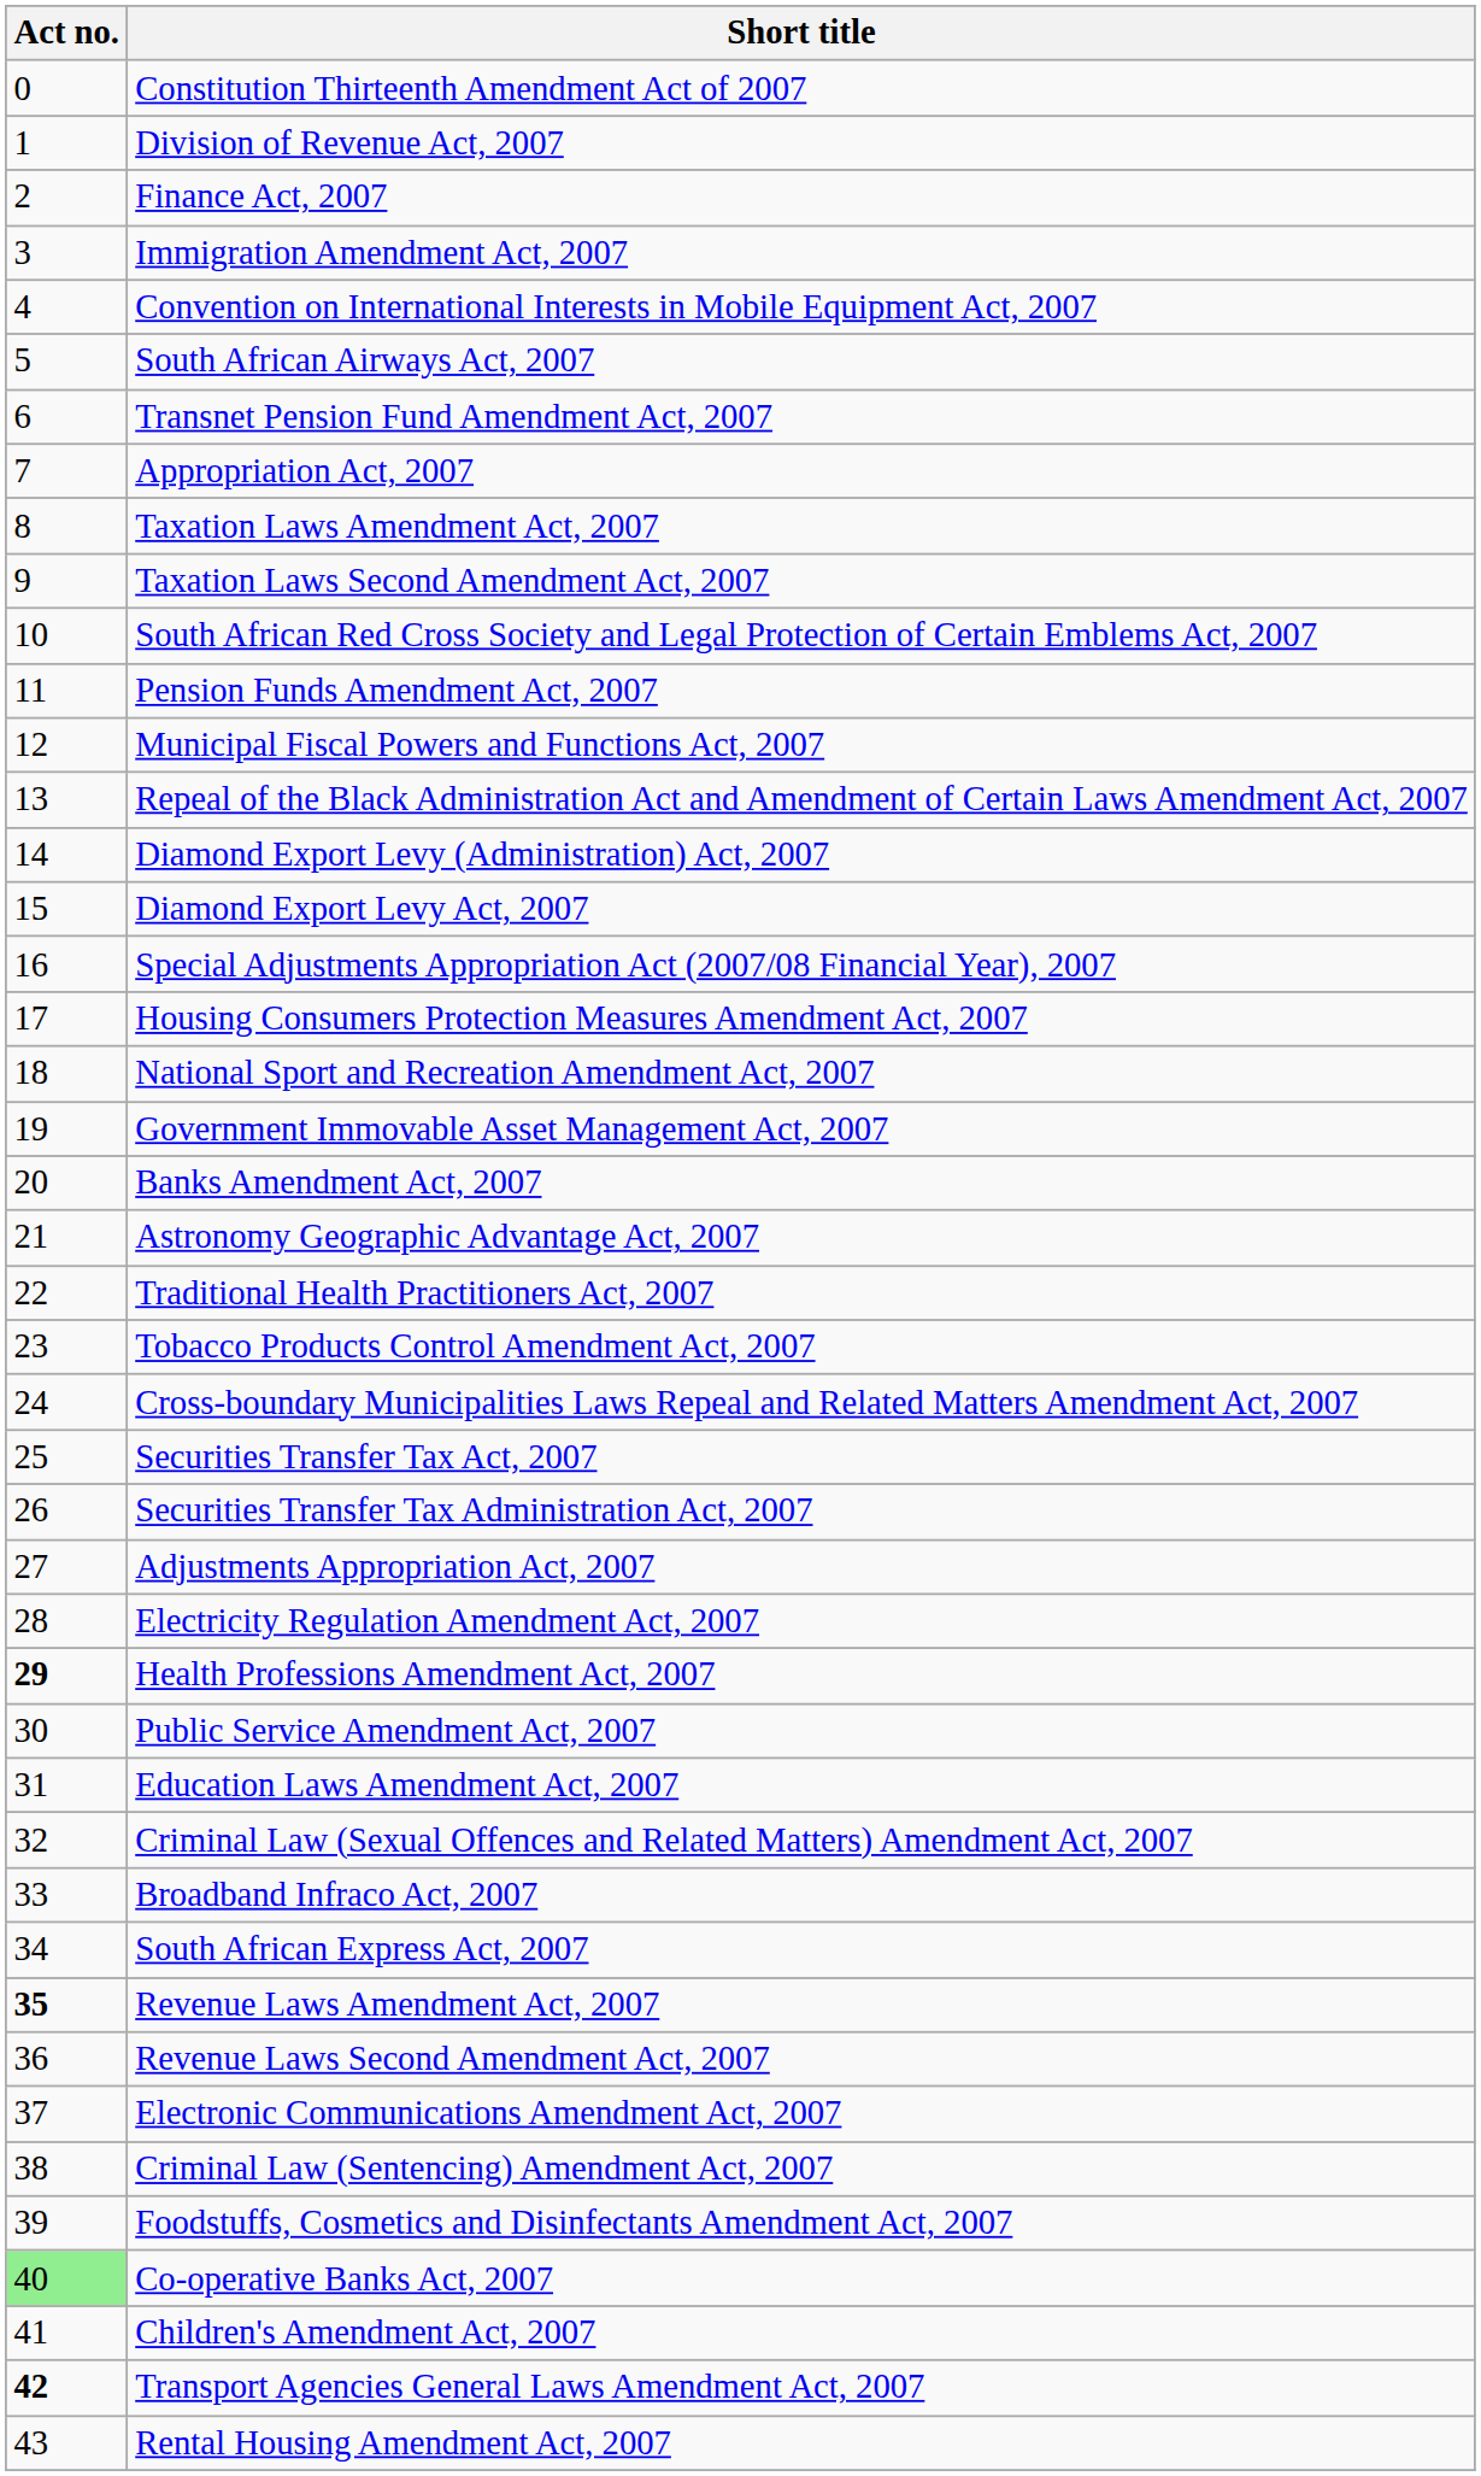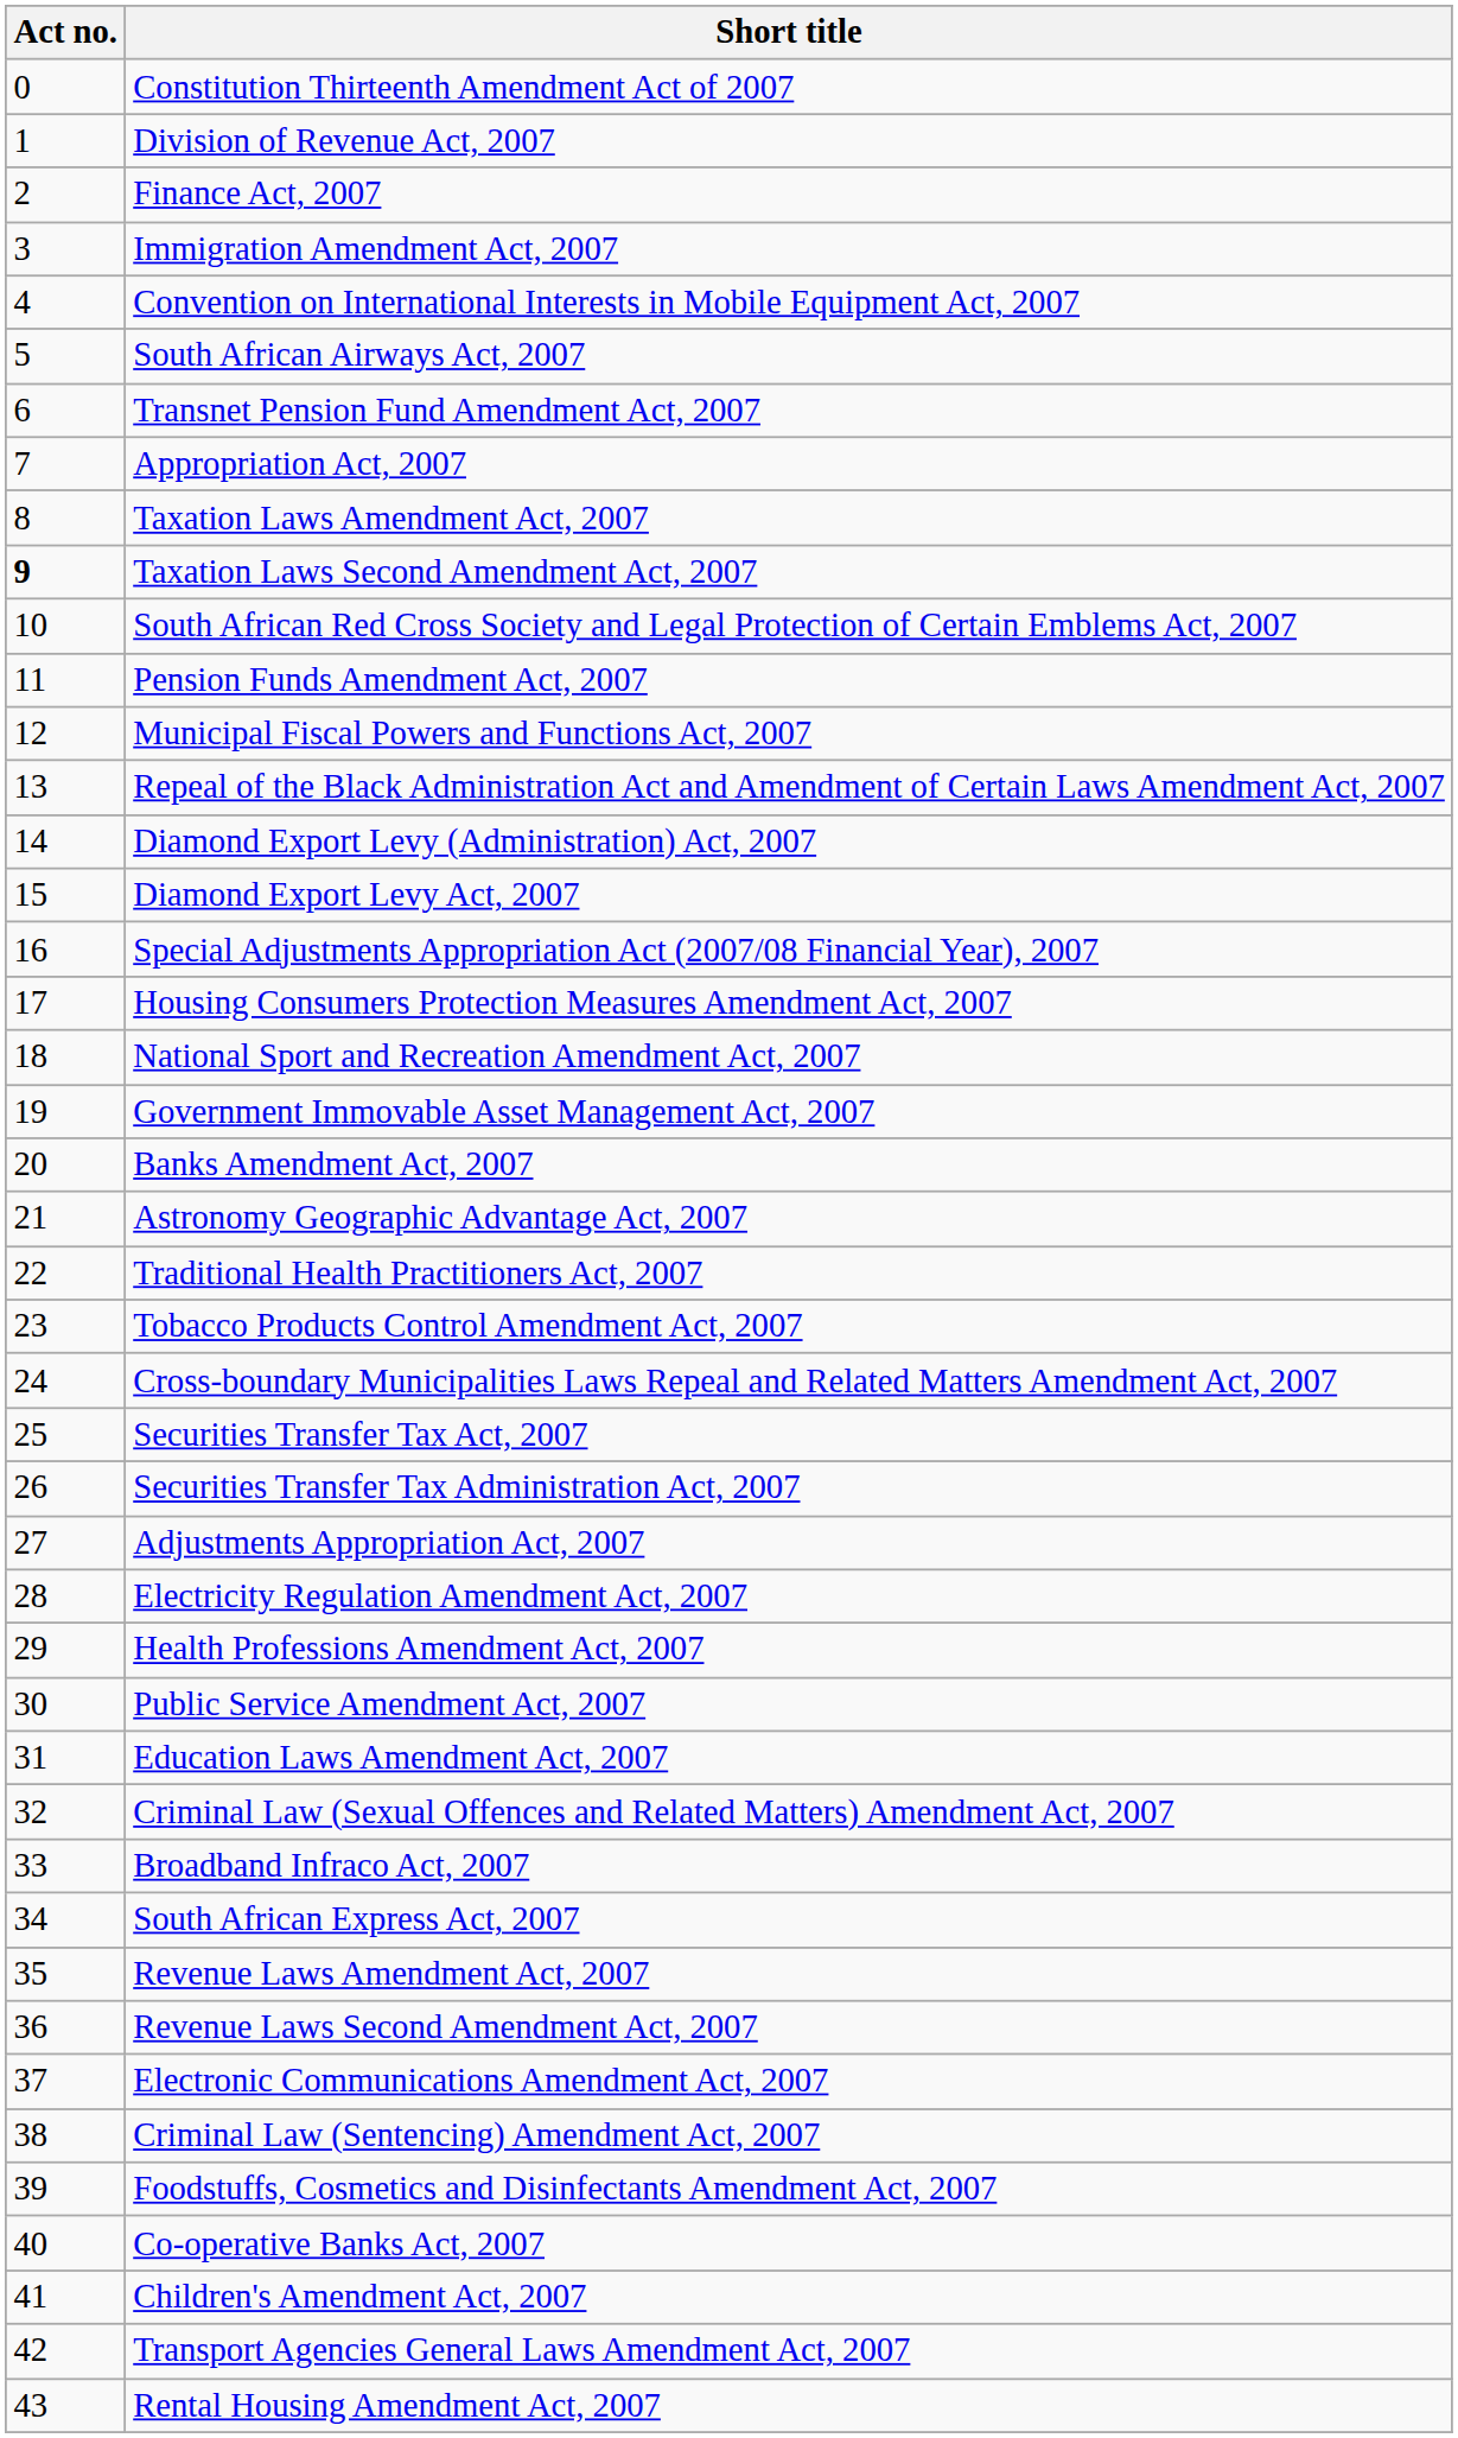 <table class="wikitable sortable">
 <tr>
 <th>Act no.</th>
 <th>Short title</th>
 </tr>
 <tr>
 <td><span>0</span></td>
 <td><a href='#'>Constitution Thirteenth Amendment Act of 2007</a></td>
 </tr>
 <tr>
 <td>1</td>
 <td><a href='#'>Division of Revenue Act, 2007</a></td>
 </tr>
 <tr>
 <td>2</td>
 <td><a href='#'>Finance Act, 2007</a></td>
 </tr>
 <tr>
 <td>3</td>
 <td><a href='#'>Immigration Amendment Act, 2007</a></td>
 </tr>
 <tr>
 <td>4</td>
 <td><a href='#'>Convention on International Interests in Mobile Equipment Act, 2007</a></td>
 </tr>
 <tr>
 <td>5</td>
 <td><a href='#'>South African Airways Act, 2007</a></td>
 </tr>
 <tr>
 <td>6</td>
 <td><a href='#'>Transnet Pension Fund Amendment Act, 2007</a></td>
 </tr>
 <tr>
 <td>7</td>
 <td><a href='#'>Appropriation Act, 2007</a></td>
 </tr>
 <tr>
 <td>8</td>
 <td><a href='#'>Taxation Laws Amendment Act, 2007</a></td>
 </tr>
 <tr>
-<td>9</td>
+<td><strong>9</strong></td>
 <td><a href='#'>Taxation Laws Second Amendment Act, 2007</a></td>
 </tr>
 <tr>
 <td>10</td>
 <td><a href='#'>South African Red Cross Society and Legal Protection of Certain Emblems Act, 2007</a></td>
 </tr>
 <tr>
 <td>11</td>
 <td><a href='#'>Pension Funds Amendment Act, 2007</a></td>
 </tr>
 <tr>
 <td>12</td>
 <td><a href='#'>Municipal Fiscal Powers and Functions Act, 2007</a></td>
 </tr>
 <tr>
 <td>13</td>
 <td><a href='#'>Repeal of the Black Administration Act and Amendment of Certain Laws Amendment Act, 2007</a></td>
 </tr>
 <tr>
 <td>14</td>
 <td><a href='#'>Diamond Export Levy (Administration) Act, 2007</a></td>
 </tr>
 <tr>
 <td>15</td>
 <td><a href='#'>Diamond Export Levy Act, 2007</a></td>
 </tr>
 <tr>
 <td>16</td>
 <td><a href='#'>Special Adjustments Appropriation Act (2007/08 Financial Year), 2007</a></td>
 </tr>
 <tr>
 <td>17</td>
 <td><a href='#'>Housing Consumers Protection Measures Amendment Act, 2007</a></td>
 </tr>
 <tr>
 <td>18</td>
 <td><a href='#'>National Sport and Recreation Amendment Act, 2007</a></td>
 </tr>
 <tr>
 <td>19</td>
 <td><a href='#'>Government Immovable Asset Management Act, 2007</a></td>
 </tr>
 <tr>
 <td>20</td>
 <td><a href='#'>Banks Amendment Act, 2007</a></td>
 </tr>
 <tr>
 <td>21</td>
 <td><a href='#'>Astronomy Geographic Advantage Act, 2007</a></td>
 </tr>
 <tr>
 <td>22</td>
 <td><a href='#'>Traditional Health Practitioners Act, 2007</a></td>
 </tr>
 <tr>
 <td>23</td>
 <td><a href='#'>Tobacco Products Control Amendment Act, 2007</a></td>
 </tr>
 <tr>
 <td>24</td>
 <td><a href='#'>Cross-boundary Municipalities Laws Repeal and Related Matters Amendment Act, 2007</a></td>
 </tr>
 <tr>
 <td>25</td>
 <td><a href='#'>Securities Transfer Tax Act, 2007</a></td>
 </tr>
 <tr>
 <td>26</td>
 <td><a href='#'>Securities Transfer Tax Administration Act, 2007</a></td>
 </tr>
 <tr>
 <td>27</td>
 <td><a href='#'>Adjustments Appropriation Act, 2007</a></td>
 </tr>
 <tr>
 <td>28</td>
 <td><a href='#'>Electricity Regulation Amendment Act, 2007</a></td>
 </tr>
 <tr>
-<td><strong>29</strong></td>
+<td>29</td>
 <td><a href='#'>Health Professions Amendment Act, 2007</a></td>
 </tr>
 <tr>
 <td>30</td>
 <td><a href='#'>Public Service Amendment Act, 2007</a></td>
 </tr>
 <tr>
 <td>31</td>
 <td><a href='#'>Education Laws Amendment Act, 2007</a></td>
 </tr>
 <tr>
 <td>32</td>
 <td><a href='#'>Criminal Law (Sexual Offences and Related Matters) Amendment Act, 2007</a></td>
 </tr>
 <tr>
 <td>33</td>
 <td><a href='#'>Broadband Infraco Act, 2007</a></td>
 </tr>
 <tr>
 <td>34</td>
 <td><a href='#'>South African Express Act, 2007</a></td>
 </tr>
 <tr>
-<td><strong>35</strong></td>
+<td>35</td>
 <td><a href='#'>Revenue Laws Amendment Act, 2007</a></td>
 </tr>
 <tr>
 <td>36</td>
 <td><a href='#'>Revenue Laws Second Amendment Act, 2007</a></td>
 </tr>
 <tr>
 <td>37</td>
 <td><a href='#'>Electronic Communications Amendment Act, 2007</a></td>
 </tr>
 <tr>
 <td>38</td>
 <td><a href='#'>Criminal Law (Sentencing) Amendment Act, 2007</a></td>
 </tr>
 <tr>
 <td>39</td>
 <td><a href='#'>Foodstuffs, Cosmetics and Disinfectants Amendment Act, 2007</a></td>
 </tr>
 <tr>
-<td style="background: lightgreen;">40</td>
+<td>40</td>
 <td><a href='#'>Co-operative Banks Act, 2007</a></td>
 </tr>
 <tr>
 <td>41</td>
 <td><a href='#'>Children's Amendment Act, 2007</a></td>
 </tr>
 <tr>
-<td><strong>42</strong></td>
+<td>42</td>
 <td><a href='#'>Transport Agencies General Laws Amendment Act, 2007</a></td>
 </tr>
 <tr>
 <td>43</td>
 <td><a href='#'>Rental Housing Amendment Act, 2007</a></td>
 </tr>
 </table>
